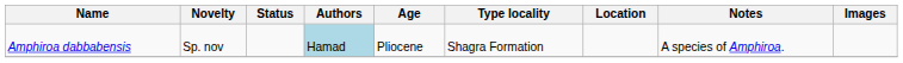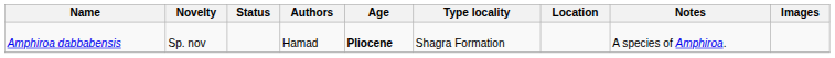 <table class="wikitable sortable" align="center" width="75%">
 <tr>
 <th>Name</th>
 <th>Novelty</th>
 <th>Status</th>
 <th>Authors</th>
 <th>Age</th>
 <th>Type locality</th>
 <th>Location</th>
 <th>Notes</th>
 <th>Images</th>
 </tr>
 <tr>
 <td><br><em><a href='#'>Amphiroa dabbabensis</a></em></td>
 <td><br>Sp. nov</td>
 <td></td>
-<td style="background: lightblue;"><br>Hamad</td>
-<td><br>Pliocene</td>
+<td><br>Hamad</td>
+<td><strong><br>Pliocene</strong></td>
 <td><br>Shagra Formation</td>
 <td><br></td>
 <td><br>A species of <em><a href='#'>Amphiroa</a></em>.</td>
 <td></td>
 </tr>
 <tr>
 </tr>
 </table>
